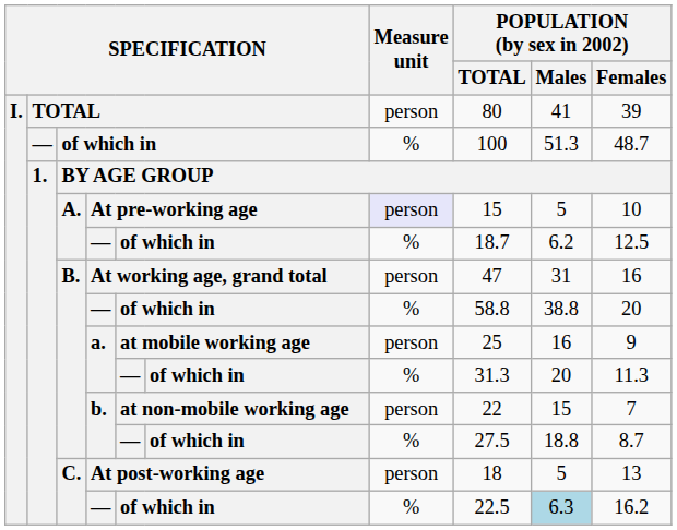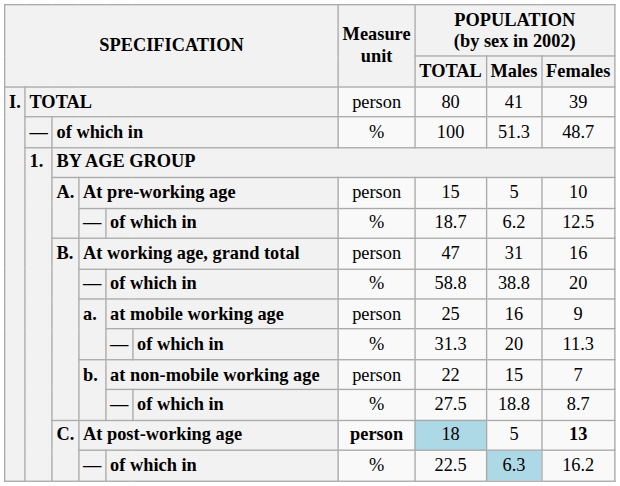 <table class="wikitable" style="font-size:85%; text-align:center">
 <tr>
 <th rowspan="2" colspan="6">SPECIFICATION</th>
 <th rowspan="2">Measure<br> unit</th>
 <th colspan="3" rowspan="1">POPULATION<br> (by sex in 2002)</th>
 </tr>
 <tr>
 <th>TOTAL</th>
 <th>Males</th>
 <th>Females</th>
 </tr>
 <tr>
 <th style="text-align:left" valign="top" rowspan="13">I.</th>
 <th style="text-align:left" colspan="5">TOTAL</th>
 <td>person</td>
 <td>80</td>
 <td>41</td>
 <td>39</td>
 </tr>
 <tr>
 <th style="text-align:left" valign="top">—</th>
 <th style="text-align:left" colspan="4">of which in</th>
 <td>%</td>
 <td>100</td>
 <td>51.3</td>
 <td>48.7</td>
 </tr>
 <tr>
 <th style="text-align:left" valign="top" rowspan="11">1.</th>
 <th style="text-align:left" colspan="19">BY AGE GROUP</th>
 </tr>
 <tr>
 <th style="text-align:left" valign="top" rowspan="2">A.</th>
 <th style="text-align:left" colspan="3">At pre-working age</th>
-<td style="background: lavender;">person</td>
+<td>person</td>
 <td>15</td>
 <td>5</td>
 <td>10</td>
 </tr>
 <tr>
 <th style="text-align:left" valign="top">—</th>
 <th style="text-align:left" valign="top" colspan="2">of which in</th>
 <td>%</td>
 <td>18.7</td>
 <td>6.2</td>
 <td>12.5</td>
 </tr>
 <tr>
 <th style="text-align:left" valign="top" rowspan="6">B.</th>
 <th style="text-align:left" colspan="3">At working age, grand total</th>
 <td>person</td>
 <td>47</td>
 <td>31</td>
 <td>16</td>
 </tr>
 <tr>
 <th style="text-align:left" valign="top">—</th>
 <th style="text-align:left" valign="top" colspan="2">of which in</th>
 <td>%</td>
 <td>58.8</td>
 <td>38.8</td>
 <td>20</td>
 </tr>
 <tr>
 <th style="text-align:left" valign="top" rowspan="2">a.</th>
 <th style="text-align:left" colspan="2">at mobile working age</th>
 <td>person</td>
 <td>25</td>
 <td>16</td>
 <td>9</td>
 </tr>
 <tr>
 <th style="text-align:left" valign="top">—</th>
 <th style="text-align:left" valign="top" colspan="1">of which in                        </th>
 <td>%</td>
 <td>31.3</td>
 <td>20</td>
 <td>11.3</td>
 </tr>
 <tr>
 <th style="text-align:left" valign="top" rowspan="2">b.</th>
 <th style="text-align:left" colspan="2">at non-mobile working age</th>
 <td>person</td>
 <td>22</td>
 <td>15</td>
 <td>7</td>
 </tr>
 <tr>
 <th style="text-align:left" valign="top">—</th>
 <th style="text-align:left" valign="top" colspan="1">of which in                        </th>
 <td>%</td>
 <td>27.5</td>
 <td>18.8</td>
 <td>8.7</td>
 </tr>
 <tr>
 <th style="text-align:left" valign="top" rowspan="2">C.</th>
 <th style="text-align:left" colspan="3">At post-working age</th>
-<td>person</td>
-<td>18</td>
+<td><strong>person</strong></td>
+<td style="background: lightblue;">18</td>
 <td>5</td>
-<td>13</td>
+<td><strong>13</strong></td>
 </tr>
 <tr>
 <th style="text-align:left" valign="top">—</th>
 <th style="text-align:left" valign="top" colspan="2">of which in</th>
 <td>%</td>
 <td>22.5</td>
 <td style="background: lightblue;">6.3</td>
 <td>16.2</td>
 </tr>
 </table>
